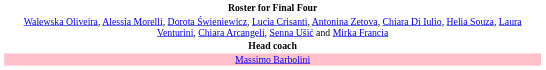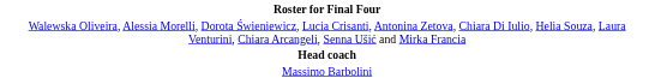 <table style="text-align: center; margin-top: 2em; margin-left: auto; margin-right: auto">
 <tr>
 <td><strong>Roster for Final Four</strong></td>
 </tr>
 <tr>
 <td><a href='#'>Walewska Oliveira</a>, <a href='#'>Alessia Morelli</a>, <a href='#'>Dorota Świeniewicz</a>, <a href='#'>Lucia Crisanti</a>, <a href='#'>Antonina Zetova</a>, <a href='#'>Chiara Di Iulio</a>, <a href='#'>Helia Souza</a>, <a href='#'>Laura Venturini</a>, <a href='#'>Chiara Arcangeli</a>, <a href='#'>Senna Ušić</a> and <a href='#'>Mirka Francia</a></td>
 </tr>
 <tr>
 <td><strong>Head coach</strong></td>
 </tr>
 <tr>
-<td style="background: pink;"><a href='#'>Massimo Barbolini</a></td>
+<td><a href='#'>Massimo Barbolini</a></td>
 </tr>
 </table>
